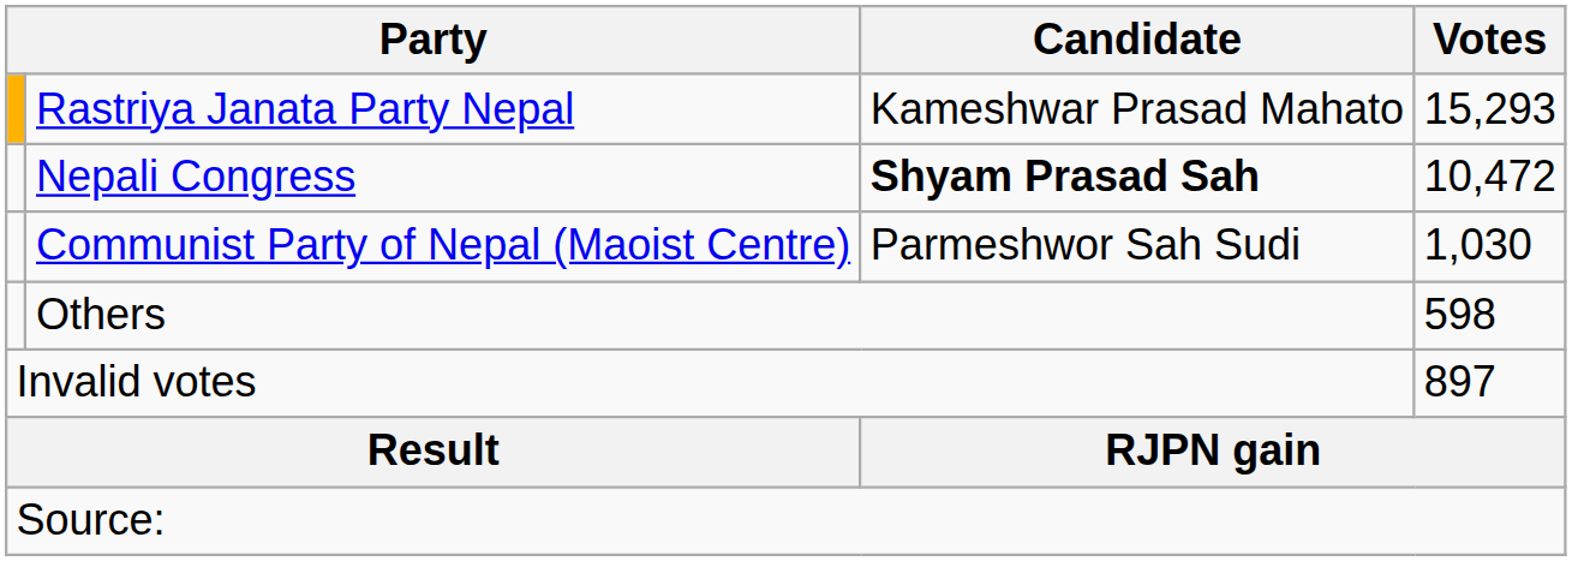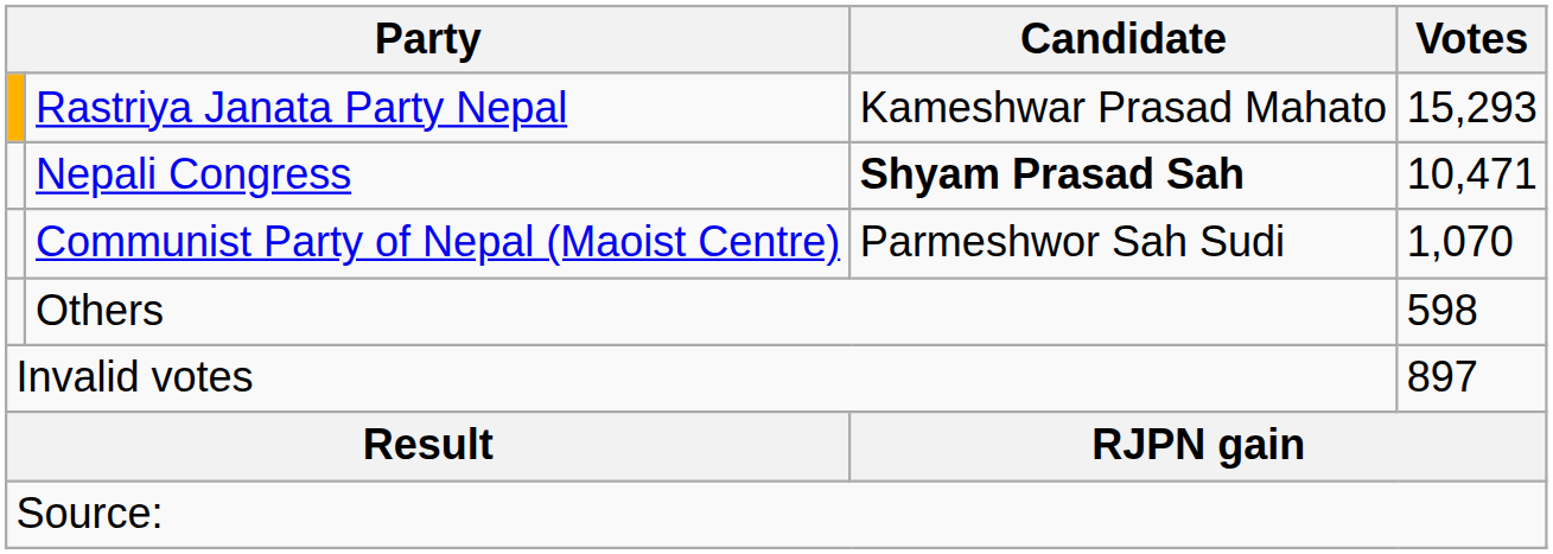 <table class="wikitable">
 <tr>
 <th colspan="2">Party</th>
 <th>Candidate</th>
 <th>Votes</th>
 </tr>
 <tr>
 <td style="background-color:#ffb300"></td>
 <td><a href='#'>Rastriya Janata Party Nepal</a></td>
 <td>Kameshwar Prasad Mahato</td>
 <td>15,293</td>
 </tr>
 <tr>
 <td style="background-color:"></td>
 <td><a href='#'>Nepali Congress</a></td>
 <td><strong>Shyam Prasad Sah</strong></td>
-<td>10,472</td>
+<td>10,471</td>
 </tr>
 <tr>
 <td style="background-color:"></td>
 <td><a href='#'>Communist Party of Nepal (Maoist Centre)</a></td>
 <td>Parmeshwor Sah Sudi</td>
-<td>1,030</td>
+<td>1,070</td>
 </tr>
 <tr>
 <td></td>
 <td colspan="2">Others</td>
 <td>598</td>
 </tr>
 <tr>
 <td colspan="3">Invalid votes</td>
 <td>897</td>
 </tr>
 <tr>
 <th colspan="2">Result</th>
 <th colspan="2">RJPN gain</th>
 </tr>
 <tr>
 <td colspan="4">Source: </td>
 </tr>
 </table>
